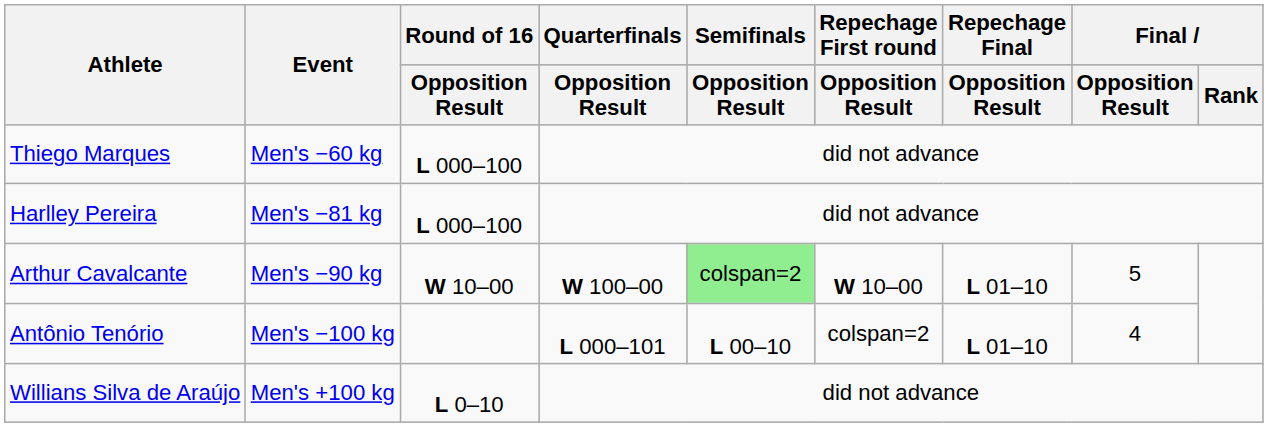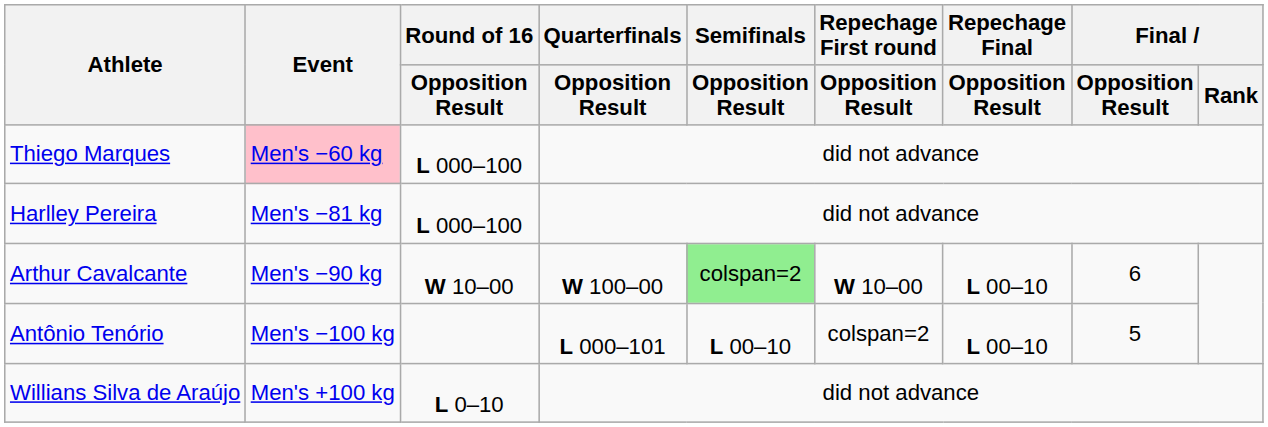 <table class="wikitable" style="font-size:90%">
 <tr>
 <th rowspan="2">Athlete</th>
 <th rowspan="2">Event</th>
 <th>Round of 16</th>
 <th>Quarterfinals</th>
 <th>Semifinals</th>
 <th>Repechage<br>First round</th>
 <th>Repechage<br>Final</th>
 <th colspan="2">Final / </th>
 </tr>
 <tr>
 <th>Opposition<br>Result</th>
 <th>Opposition<br>Result</th>
 <th>Opposition<br>Result</th>
 <th>Opposition<br>Result</th>
 <th>Opposition<br>Result</th>
 <th>Opposition<br>Result</th>
 <th>Rank</th>
 </tr>
 <tr align=center>
 <td align=left><a href='#'>Thiego Marques</a></td>
-<td align=left><a href='#'>Men's −60 kg</a></td>
+<td align=left style="background: pink;"><a href='#'>Men's −60 kg</a></td>
 <td><br> <strong>L</strong> 000–100</td>
 <td colspan="6">did not advance</td>
 </tr>
 <tr align=center>
 <td align=left><a href='#'>Harlley Pereira</a></td>
 <td align=left><a href='#'>Men's −81 kg</a></td>
 <td><br><strong>L</strong> 000–100</td>
 <td colspan="6">did not advance</td>
 </tr>
 <tr align=center>
 <td align=left><a href='#'>Arthur Cavalcante</a></td>
 <td align=left><a href='#'>Men's −90 kg</a></td>
 <td><br> <strong>W</strong> 10–00</td>
 <td><br> <strong>W</strong> 100–00</td>
 <td style="background: lightgreen;">colspan=2 </td>
 <td><br> <strong>W</strong> 10–00</td>
-<td><br> <strong>L</strong> 01–10</td>
-<td>5</td>
+<td><br> <strong>L</strong> 00–10</td>
+<td>6</td>
 </tr>
 <tr align=center>
 <td align=left><a href='#'>Antônio Tenório</a></td>
 <td align=left><a href='#'>Men's −100 kg</a></td>
 <td></td>
 <td><br> <strong>L</strong> 000–101</td>
 <td><br> <strong>L</strong> 00–10</td>
 <td>colspan=2 </td>
-<td><br> <strong>L</strong> 01–10</td>
-<td>4</td>
+<td><br> <strong>L</strong> 00–10</td>
+<td>5</td>
 </tr>
 <tr align=center>
 <td align=left><a href='#'>Willians Silva de Araújo</a></td>
 <td align=left><a href='#'>Men's +100 kg</a></td>
 <td><br> <strong>L</strong> 0–10</td>
 <td colspan="6">did not advance</td>
 </tr>
 </table>
